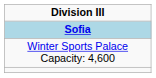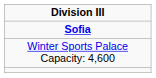 <table class="wikitable" style="text-align:center;" width=220px>
 <tr>
 <td><strong>Division III</strong></td>
 </tr>
 <tr>
-<td width=220px style="background: lightblue;"><strong><a href='#'>Sofia</a></strong></td>
+<td width=220px><strong><a href='#'>Sofia</a></strong></td>
 </tr>
 <tr>
 <td><a href='#'>Winter Sports Palace</a><br>Capacity: 4,600</td>
 </tr>
 <tr>
 <td></td>
 </tr>
 </table>
